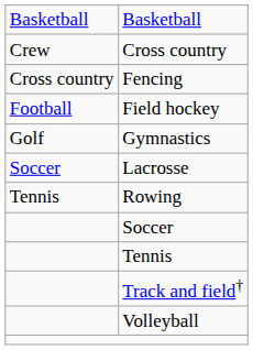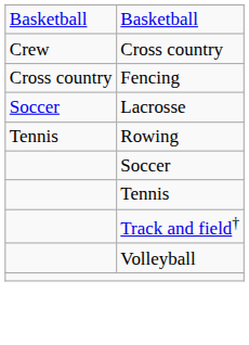 <table class="wikitable" style="float:right; clear:right; margin:0 0 1em 1em;">
 <tr>
 </tr>
 <tr>
 <td><a href='#'>Basketball</a></td>
 <td><a href='#'>Basketball</a></td>
 </tr>
 <tr>
 <td>Crew</td>
 <td>Cross country</td>
 </tr>
 <tr>
 <td>Cross country</td>
 <td>Fencing</td>
-</tr>
-<tr>
-<td><a href='#'>Football</a></td>
-<td>Field hockey</td>
-</tr>
-<tr>
-<td>Golf</td>
-<td>Gymnastics</td>
 </tr>
 <tr>
 <td><a href='#'>Soccer</a></td>
 <td>Lacrosse</td>
 </tr>
 <tr>
 <td>Tennis</td>
 <td>Rowing</td>
 </tr>
 <tr>
 <td></td>
 <td>Soccer</td>
 </tr>
 <tr>
 <td></td>
 <td>Tennis</td>
 </tr>
 <tr>
 <td></td>
 <td><a href='#'>Track and field</a><sup>†</sup></td>
 </tr>
 <tr>
 <td></td>
 <td>Volleyball</td>
 </tr>
 <tr>
 <td colspan="2"></td>
 </tr>
 </table>
